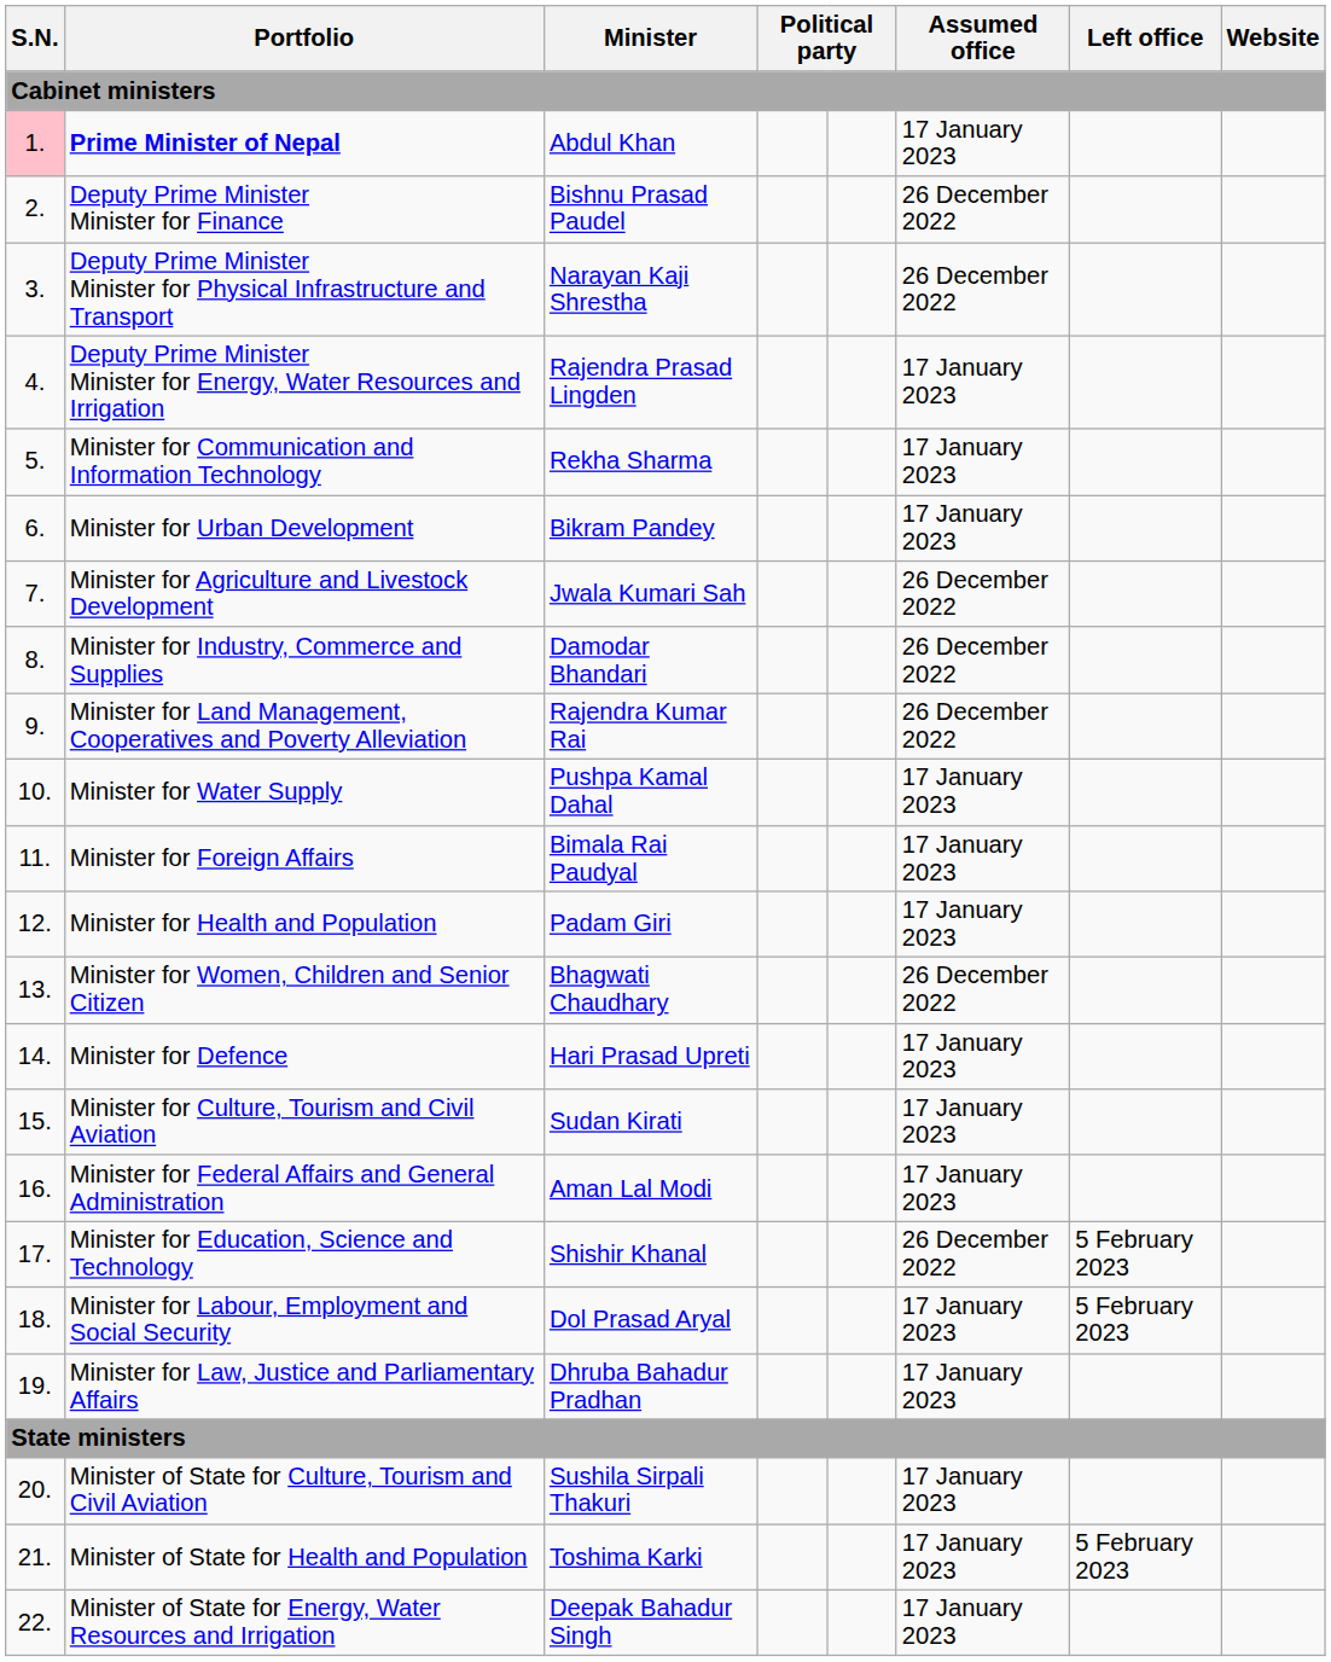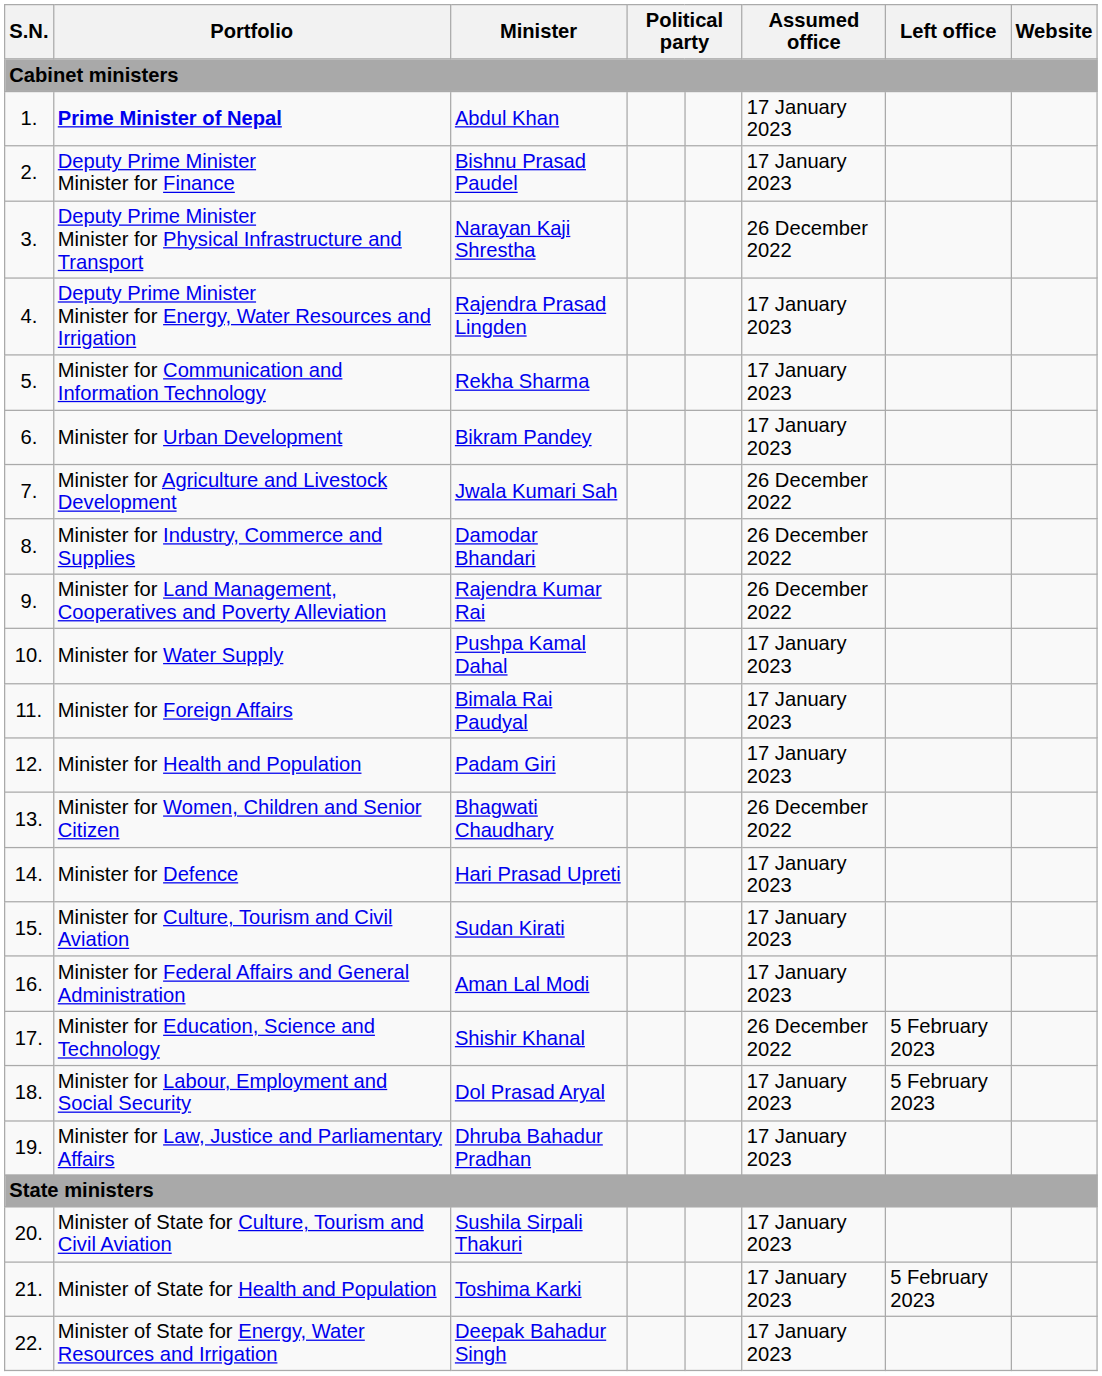 <table class="wikitable mw-collapsible mw-collapsed">
 <tr>
 <th>S.N.</th>
 <th>Portfolio</th>
 <th>Minister</th>
 <th colspan="2">Political party</th>
 <th>Assumed office</th>
 <th>Left office</th>
 <th>Website</th>
 </tr>
 <tr>
 <td colspan="8" bgcolor="darkgrey"><strong>Cabinet ministers</strong></td>
 </tr>
 <tr>
-<td style="background: pink; text-align:center;">1.</td>
+<td style="text-align:center;">1.</td>
 <td><strong><a href='#'>Prime Minister of Nepal</a></strong><br></td>
 <td><a href='#'>Abdul Khan</a></td>
 <td></td>
 <td></td>
 <td>17 January 2023</td>
 <td></td>
 <td></td>
 </tr>
 <tr>
 <td style="text-align:center;">2.</td>
 <td><a href='#'>Deputy Prime Minister</a><br>Minister for <a href='#'>Finance</a></td>
 <td><a href='#'>Bishnu Prasad Paudel</a></td>
 <td></td>
 <td></td>
-<td>26 December 2022</td>
+<td>17 January 2023</td>
 <td></td>
 <td></td>
 </tr>
 <tr>
 <td style="text-align:center;">3.</td>
 <td><a href='#'>Deputy Prime Minister</a><br>Minister for <a href='#'>Physical Infrastructure and Transport</a></td>
 <td><a href='#'>Narayan Kaji Shrestha</a></td>
 <td></td>
 <td></td>
 <td>26 December 2022</td>
 <td></td>
 <td></td>
 </tr>
 <tr>
 <td style="text-align:center;">4.</td>
 <td><a href='#'>Deputy Prime Minister</a><br>Minister for <a href='#'>Energy, Water Resources and Irrigation</a></td>
 <td><a href='#'>Rajendra Prasad Lingden</a></td>
 <td></td>
 <td></td>
 <td>17 January 2023</td>
 <td></td>
 <td> </td>
 </tr>
 <tr>
 <td style="text-align:center;">5.</td>
 <td>Minister for <a href='#'>Communication and Information Technology</a></td>
 <td><a href='#'>Rekha Sharma</a></td>
 <td></td>
 <td></td>
 <td>17 January 2023</td>
 <td></td>
 <td></td>
 </tr>
 <tr>
 <td style="text-align:center;">6.</td>
 <td>Minister for <a href='#'>Urban Development</a></td>
 <td><a href='#'>Bikram Pandey</a></td>
 <td></td>
 <td></td>
 <td>17 January 2023</td>
 <td></td>
 <td></td>
 </tr>
 <tr>
 <td style="text-align:center;">7.</td>
 <td>Minister for <a href='#'>Agriculture and Livestock Development</a></td>
 <td><a href='#'>Jwala Kumari Sah</a></td>
 <td></td>
 <td></td>
 <td>26 December 2022</td>
 <td></td>
 <td></td>
 </tr>
 <tr>
 <td style="text-align:center;">8.</td>
 <td>Minister for <a href='#'>Industry, Commerce and Supplies</a></td>
 <td><a href='#'>Damodar Bhandari</a></td>
 <td></td>
 <td></td>
 <td>26 December 2022</td>
 <td></td>
 <td></td>
 </tr>
 <tr>
 <td style="text-align:center;">9.</td>
 <td>Minister for <a href='#'>Land Management, Cooperatives and Poverty Alleviation</a></td>
 <td><a href='#'>Rajendra Kumar Rai</a></td>
 <td></td>
 <td></td>
 <td>26 December 2022</td>
 <td></td>
 <td></td>
 </tr>
 <tr>
 <td style="text-align:center;">10.</td>
 <td>Minister for <a href='#'>Water Supply</a></td>
 <td><a href='#'>Pushpa Kamal Dahal</a></td>
 <td></td>
 <td></td>
 <td>17 January 2023</td>
 <td></td>
 <td> </td>
 </tr>
 <tr>
 <td style="text-align:center;">11.</td>
 <td>Minister for <a href='#'>Foreign Affairs</a></td>
 <td><a href='#'>Bimala Rai Paudyal</a></td>
 <td></td>
 <td></td>
 <td>17 January 2023</td>
 <td></td>
 <td></td>
 </tr>
 <tr>
 <td style="text-align:center;">12.</td>
 <td>Minister for <a href='#'>Health and Population</a></td>
 <td><a href='#'>Padam Giri</a></td>
 <td></td>
 <td></td>
 <td>17 January 2023</td>
 <td></td>
 <td> </td>
 </tr>
 <tr>
 <td style="text-align:center;">13.</td>
 <td>Minister for <a href='#'>Women, Children and Senior Citizen</a></td>
 <td><a href='#'>Bhagwati Chaudhary</a></td>
 <td></td>
 <td></td>
 <td>26 December 2022</td>
 <td></td>
 <td></td>
 </tr>
 <tr>
 <td style="text-align:center;">14.</td>
 <td>Minister for <a href='#'>Defence</a></td>
 <td><a href='#'>Hari Prasad Upreti</a></td>
 <td></td>
 <td></td>
 <td>17 January 2023</td>
 <td></td>
 <td></td>
 </tr>
 <tr>
 <td style="text-align:center;">15.</td>
 <td>Minister for <a href='#'>Culture, Tourism and Civil Aviation</a></td>
 <td><a href='#'>Sudan Kirati</a></td>
 <td></td>
 <td></td>
 <td>17 January 2023</td>
 <td></td>
 <td></td>
 </tr>
 <tr>
 <td style="text-align:center;">16.</td>
 <td>Minister for <a href='#'>Federal Affairs and General Administration</a></td>
 <td><a href='#'>Aman Lal Modi</a></td>
 <td></td>
 <td></td>
 <td>17 January 2023</td>
 <td></td>
 <td></td>
 </tr>
 <tr>
 <td style="text-align:center;">17.</td>
 <td>Minister for <a href='#'>Education, Science and Technology</a></td>
 <td><a href='#'>Shishir Khanal</a></td>
 <td></td>
 <td></td>
 <td>26 December 2022</td>
 <td>5 February 2023</td>
 <td> </td>
 </tr>
 <tr>
 <td style="text-align:center;">18.</td>
 <td>Minister for <a href='#'>Labour, Employment and Social Security</a></td>
 <td><a href='#'>Dol Prasad Aryal</a></td>
 <td></td>
 <td></td>
 <td>17 January 2023</td>
 <td>5 February 2023</td>
 <td></td>
 </tr>
 <tr>
 <td style="text-align:center;">19.</td>
 <td>Minister for <a href='#'>Law, Justice and Parliamentary Affairs</a></td>
 <td><a href='#'>Dhruba Bahadur Pradhan</a></td>
 <td></td>
 <td></td>
 <td>17 January 2023</td>
 <td></td>
 <td></td>
 </tr>
 <tr>
 <td colspan="8" bgcolor="darkgrey"><strong>State ministers</strong></td>
 </tr>
 <tr>
 <td style="text-align:center;">20.</td>
 <td>Minister of State for <a href='#'>Culture, Tourism and Civil Aviation</a></td>
 <td><a href='#'>Sushila Sirpali Thakuri</a></td>
 <td></td>
 <td></td>
 <td>17 January 2023</td>
 <td></td>
 <td></td>
 </tr>
 <tr>
 <td style="text-align:center;">21.</td>
 <td>Minister of State for <a href='#'>Health and Population</a></td>
 <td><a href='#'>Toshima Karki</a></td>
 <td></td>
 <td></td>
 <td>17 January 2023</td>
 <td>5 February 2023</td>
 <td> </td>
 </tr>
 <tr>
 <td style="text-align:center;">22.</td>
 <td>Minister of State for <a href='#'>Energy, Water Resources and Irrigation</a></td>
 <td><a href='#'>Deepak Bahadur Singh</a></td>
 <td></td>
 <td></td>
 <td>17 January 2023</td>
 <td></td>
 <td> </td>
 </tr>
 </table>
